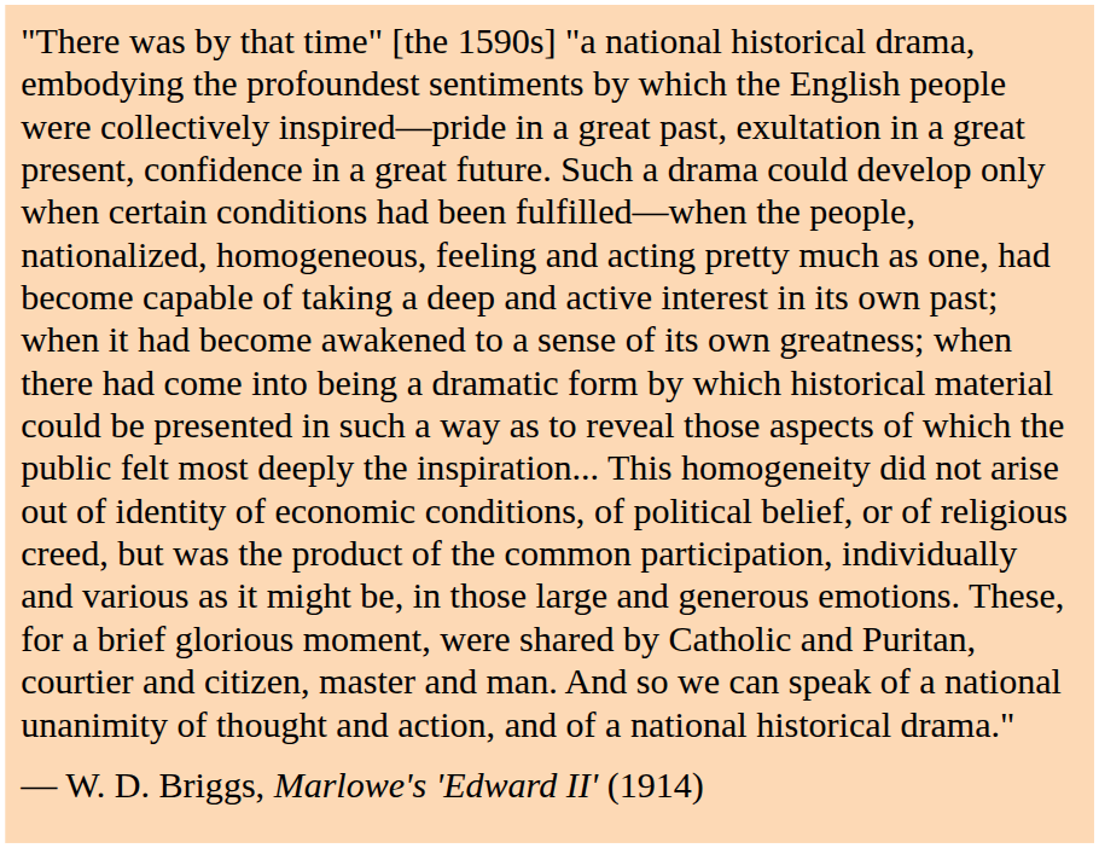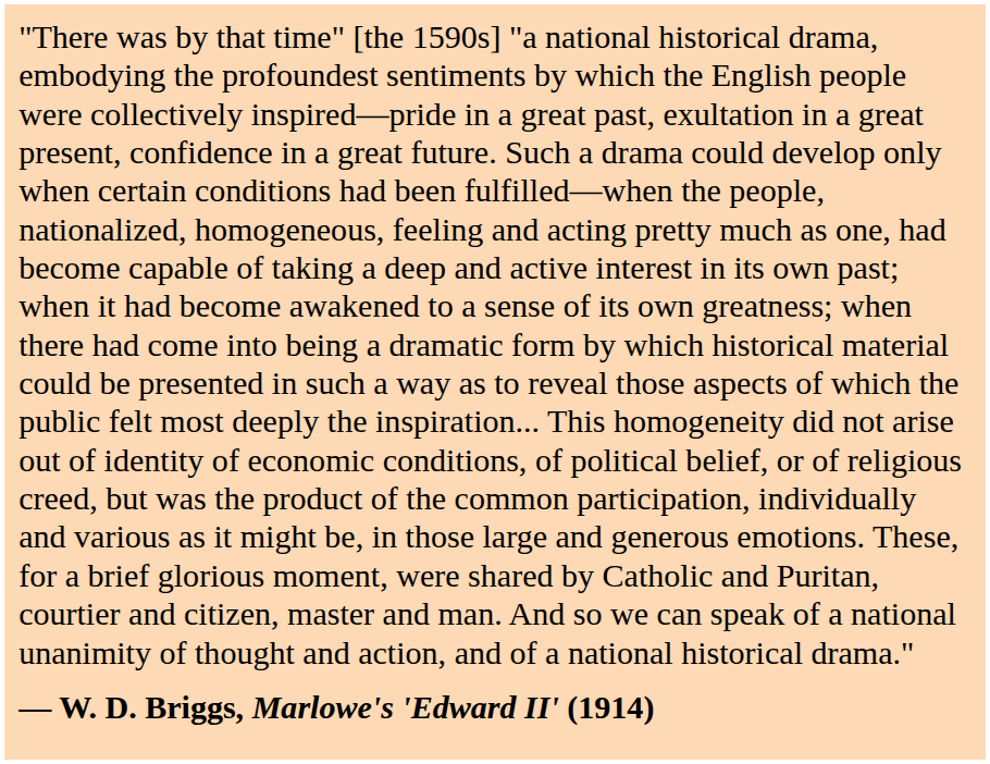 <table class="toccolours" style="float: right; margin-left: 1em; margin-right: 2em; font-size: 85%; background:#FDD9B5; color:black; width:30em; max-width: 40%;" cellspacing="5">
 <tr>
 <td style="text-align: left;">"There was by that time" [the 1590s] "a national historical drama, embodying the profoundest sentiments by which the English people were collectively inspired—pride in a great past, exultation in a great present, confidence in a great future. Such a drama could develop only when certain conditions had been fulfilled—when the people, nationalized, homogeneous, feeling and acting pretty much as one, had become capable of taking a deep and active interest in its own past; when it had become awakened to a sense of its own greatness; when there had come into being a dramatic form by which historical material could be presented in such a way as to reveal those aspects of which the public felt most deeply the inspiration... This homogeneity did not arise out of identity of economic conditions, of political belief, or of religious creed, but was the product of the common participation, individually and various as it might be, in those large and generous emotions. These, for a brief glorious moment, were shared by Catholic and Puritan, courtier and citizen, master and man. And so we can speak of a national unanimity of thought and action, and of a national historical drama."</td>
 </tr>
 <tr>
-<td>― W. D. Briggs, <em>Marlowe's 'Edward II' </em> (1914)</td>
+<td><strong>― W. D. Briggs, <em>Marlowe's 'Edward II' </em> (1914)</strong></td>
 </tr>
 <tr>
 <td style="text-align: left;"></td>
 </tr>
 </table>
